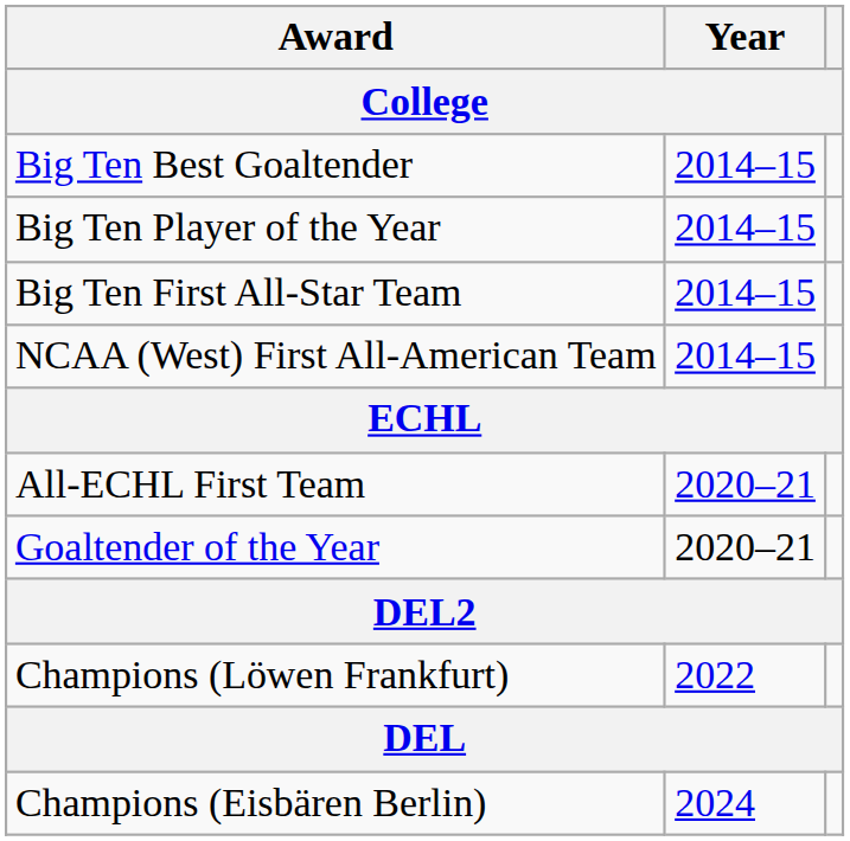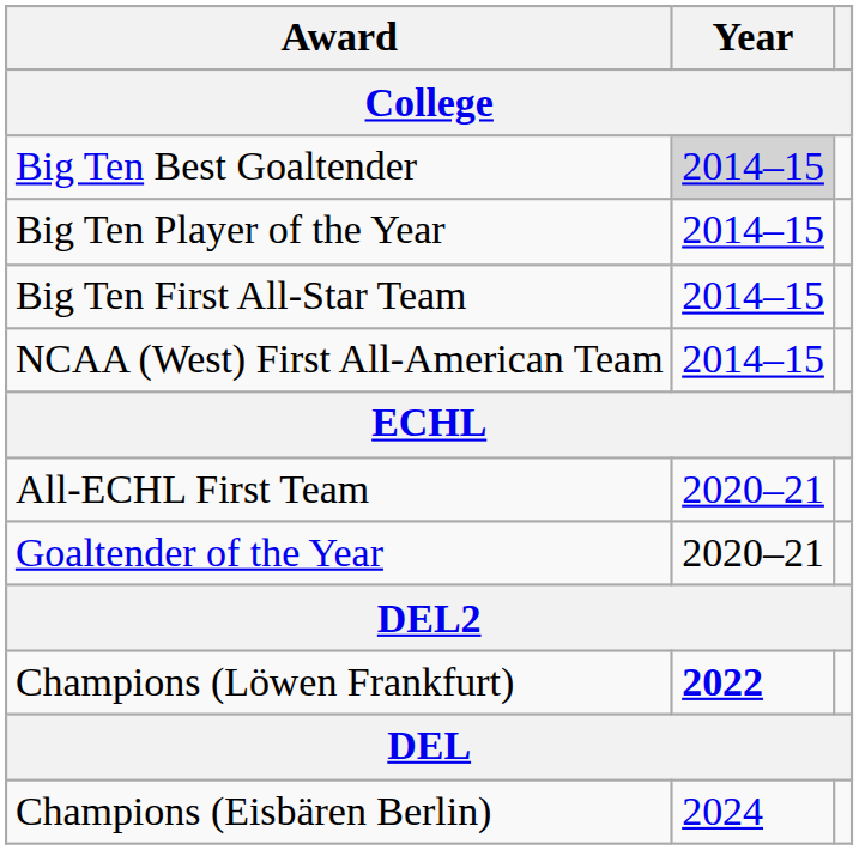 <table class="wikitable">
 <tr>
 <th>Award</th>
 <th>Year</th>
 <th></th>
 </tr>
 <tr>
 <th colspan="3"><a href='#'>College</a></th>
 </tr>
 <tr>
 <td><a href='#'>Big Ten</a> Best Goaltender</td>
-<td><a href='#'>2014–15</a></td>
+<td style="background: lightgrey;"><a href='#'>2014–15</a></td>
 <td></td>
 </tr>
 <tr>
 <td>Big Ten Player of the Year</td>
 <td><a href='#'>2014–15</a></td>
 <td></td>
 </tr>
 <tr>
 <td>Big Ten First All-Star Team</td>
 <td><a href='#'>2014–15</a></td>
 <td></td>
 </tr>
 <tr>
 <td>NCAA (West) First All-American Team</td>
 <td><a href='#'>2014–15</a></td>
 <td></td>
 </tr>
 <tr>
 <th colspan="3"><a href='#'>ECHL</a></th>
 </tr>
 <tr>
 <td>All-ECHL First Team</td>
 <td><a href='#'>2020–21</a></td>
 <td></td>
 </tr>
 <tr>
 <td><a href='#'>Goaltender of the Year</a></td>
 <td>2020–21</td>
 <td></td>
 </tr>
 <tr ALIGN="center" bgcolor="#e0e0e0">
 <th colspan="3"><a href='#'>DEL2</a></th>
 </tr>
 <tr>
 <td>Champions (Löwen Frankfurt)</td>
-<td><a href='#'>2022</a></td>
+<td><strong><a href='#'>2022</a></strong></td>
 <td></td>
 </tr>
 <tr ALIGN="center" bgcolor="#e0e0e0">
 <th colspan="3"><a href='#'>DEL</a></th>
 </tr>
 <tr>
 <td>Champions (Eisbären Berlin)</td>
 <td><a href='#'>2024</a></td>
 <td></td>
 </tr>
 </table>
